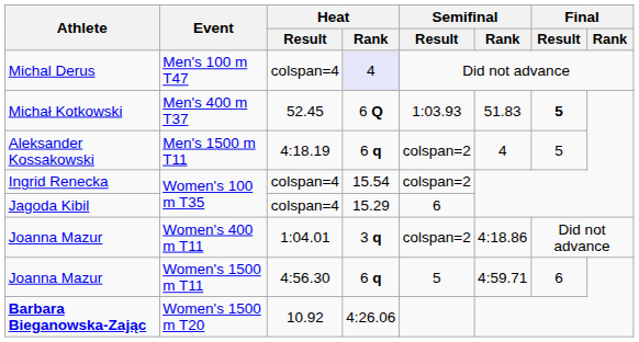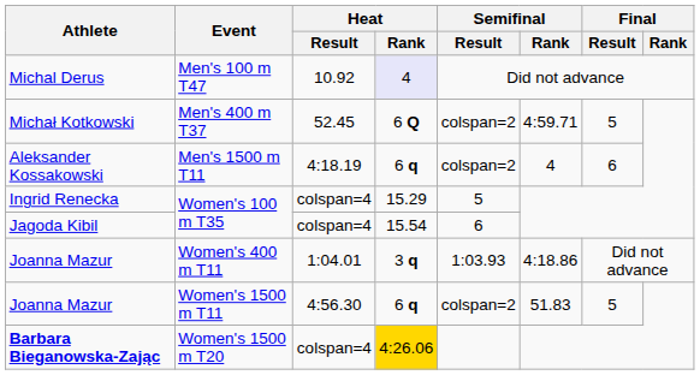 <table class="wikitable" style="font-size:90%">
 <tr>
 <th rowspan="2">Athlete</th>
 <th rowspan="2">Event</th>
 <th colspan="2">Heat</th>
 <th colspan="2">Semifinal</th>
 <th colspan="2">Final</th>
 </tr>
 <tr style="font-size:95%">
 <th>Result</th>
 <th>Rank</th>
 <th>Result</th>
 <th>Rank</th>
 <th>Result</th>
 <th>Rank</th>
 </tr>
 <tr align=center>
 <td align=left><a href='#'>Michal Derus</a></td>
 <td align=left><a href='#'>Men's 100 m T47</a></td>
-<td>colspan=4 </td>
+<td>10.92</td>
 <td style="background: lavender;">4</td>
 <td colspan="4">Did not advance</td>
 </tr>
 <tr align=center>
 <td align=left><a href='#'>Michał Kotkowski</a></td>
 <td align=left><a href='#'>Men's 400 m T37</a></td>
 <td>52.45</td>
 <td>6 <strong>Q</strong></td>
-<td>1:03.93</td>
-<td>51.83</td>
-<td><strong>5</strong></td>
+<td>colspan=2 </td>
+<td>4:59.71</td>
+<td>5</td>
 </tr>
 <tr align=center>
 <td align=left><a href='#'>Aleksander Kossakowski</a></td>
 <td align=left><a href='#'>Men's 1500 m T11</a></td>
 <td>4:18.19</td>
 <td>6 <strong>q</strong></td>
 <td>colspan=2 </td>
 <td>4</td>
-<td>5</td>
+<td>6</td>
 </tr>
 <tr align=center>
 <td align=left><a href='#'>Ingrid Renecka</a></td>
 <td align=left rowspan=2><a href='#'>Women's 100 m T35</a></td>
 <td>colspan=4 </td>
-<td>15.54</td>
-<td>colspan=2 </td>
+<td>15.29</td>
+<td>5</td>
 </tr>
 <tr align=center>
 <td align=left><a href='#'>Jagoda Kibil</a></td>
 <td>colspan=4 </td>
-<td>15.29</td>
+<td>15.54</td>
 <td>6</td>
 </tr>
 <tr align=center>
 <td align=left><a href='#'>Joanna Mazur</a></td>
 <td align=left><a href='#'>Women's 400 m T11</a></td>
 <td>1:04.01</td>
 <td>3 <strong>q</strong></td>
-<td>colspan=2 </td>
+<td>1:03.93</td>
 <td>4:18.86</td>
 <td colspan="2">Did not advance</td>
 </tr>
 <tr align="center">
 <td align="left"><a href='#'>Joanna Mazur</a></td>
 <td align="left"><a href='#'>Women's 1500 m T11</a></td>
 <td>4:56.30</td>
 <td>6 <strong>q</strong></td>
+<td>colspan=2 </td>
+<td>51.83</td>
 <td>5</td>
-<td>4:59.71</td>
-<td>6</td>
 </tr>
 <tr align="center">
 <td align="left"><strong><a href='#'>Barbara Bieganowska-Zając</a></strong></td>
 <td align="left"><a href='#'>Women's 1500 m T20</a></td>
-<td>10.92</td>
-<td>4:26.06</td>
+<td>colspan=4 </td>
+<td style="background: gold;">4:26.06</td>
 <td></td>
 </tr>
 </table>
